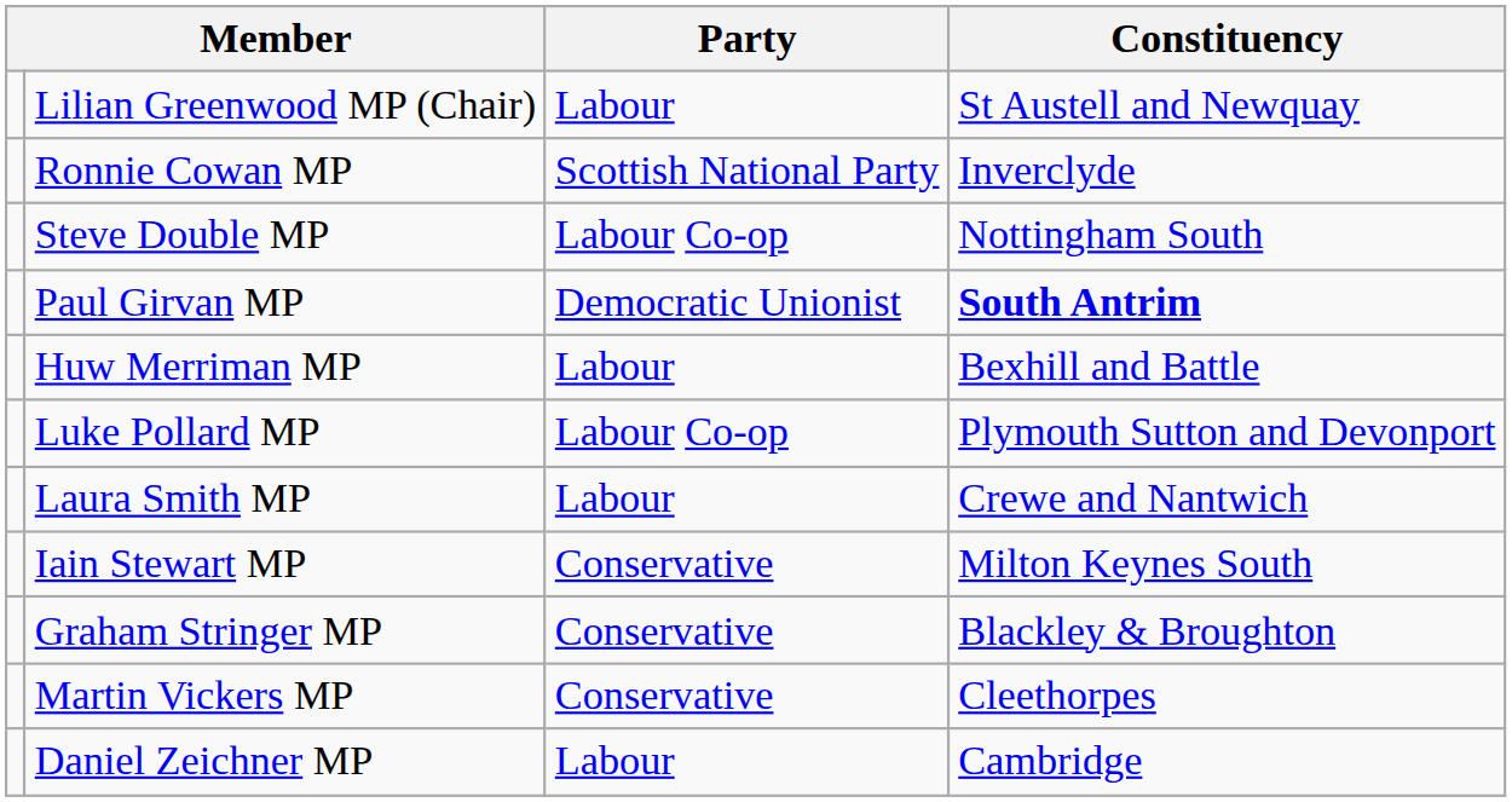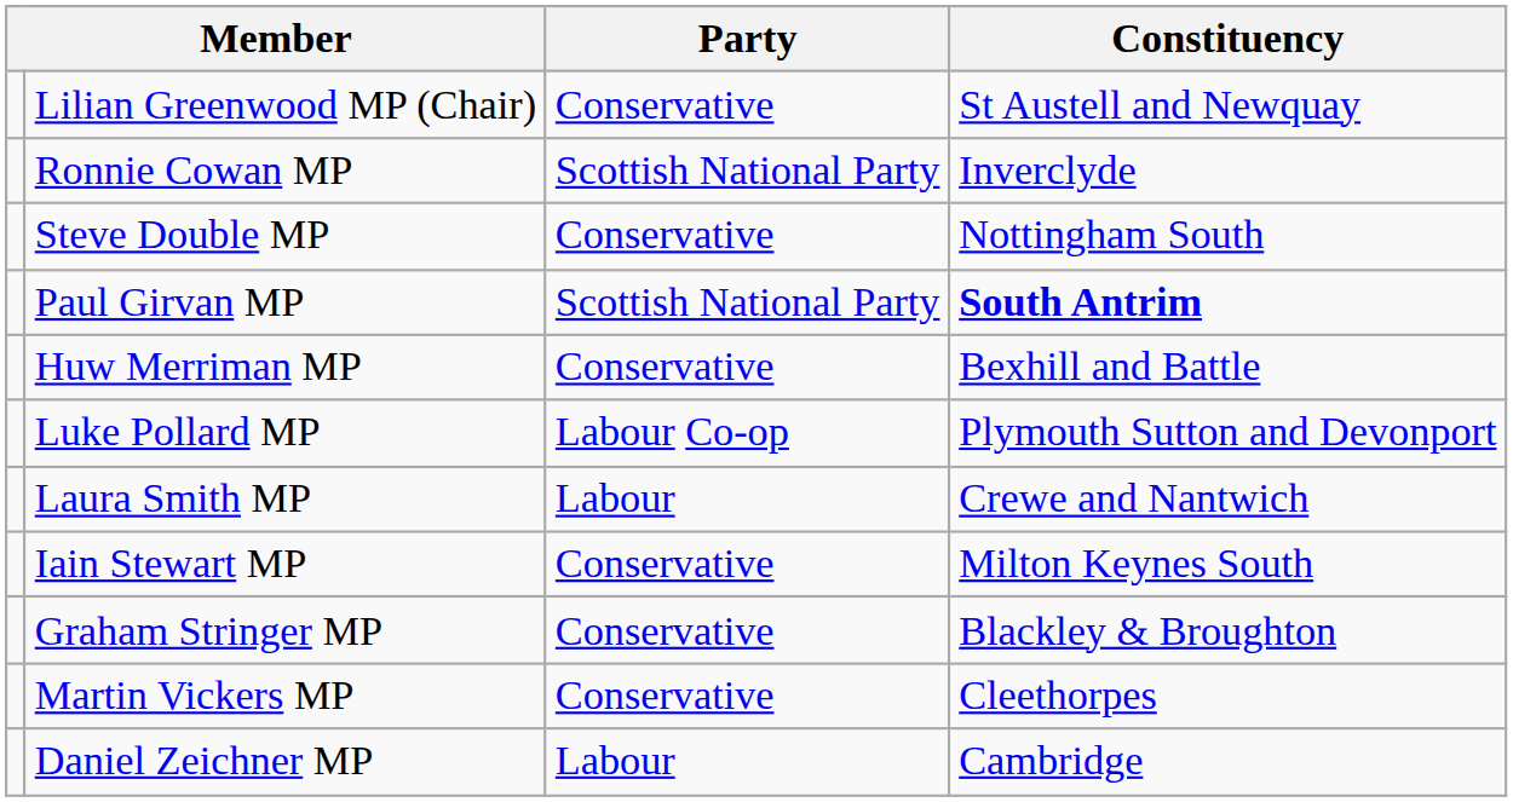 <table class="wikitable">
 <tr>
 <th colspan="2" valign="top">Member</th>
 <th valign="top">Party</th>
 <th colspan="2" valign="top">Constituency</th>
 </tr>
 <tr>
 <td style="color:inherit;background:"></td>
 <td><a href='#'>Lilian Greenwood</a> MP (Chair)</td>
-<td><a href='#'>Labour</a></td>
+<td><a href='#'>Conservative</a></td>
 <td><a href='#'>St Austell and Newquay</a></td>
 </tr>
 <tr>
 <td style="color:inherit;background:"></td>
 <td><a href='#'>Ronnie Cowan</a> MP</td>
 <td><a href='#'>Scottish National Party</a></td>
 <td><a href='#'>Inverclyde</a></td>
 </tr>
 <tr>
 <td style="color:inherit;background:"></td>
 <td><a href='#'>Steve Double</a> MP</td>
-<td><a href='#'>Labour</a> <a href='#'>Co-op</a></td>
+<td><a href='#'>Conservative</a></td>
 <td><a href='#'>Nottingham South</a></td>
 </tr>
 <tr>
 <td style="color:inherit;background:"></td>
 <td><a href='#'>Paul Girvan</a> MP</td>
-<td><a href='#'>Democratic Unionist</a></td>
+<td><a href='#'>Scottish National Party</a></td>
 <td><strong><a href='#'>South Antrim</a></strong></td>
 </tr>
 <tr>
 <td style="color:inherit;background:"></td>
 <td><a href='#'>Huw Merriman</a> MP</td>
-<td><a href='#'>Labour</a></td>
+<td><a href='#'>Conservative</a></td>
 <td><a href='#'>Bexhill and Battle</a></td>
 </tr>
 <tr>
 <td style="color:inherit;background:"></td>
 <td><a href='#'>Luke Pollard</a> MP</td>
 <td><a href='#'>Labour</a> <a href='#'>Co-op</a></td>
 <td><a href='#'>Plymouth Sutton and Devonport</a></td>
 </tr>
 <tr>
 <td style="color:inherit;background:"></td>
 <td><a href='#'>Laura Smith</a> MP</td>
 <td><a href='#'>Labour</a></td>
 <td><a href='#'>Crewe and Nantwich</a></td>
 </tr>
 <tr>
 <td style="color:inherit;background:"></td>
 <td><a href='#'>Iain Stewart</a> MP</td>
 <td><a href='#'>Conservative</a></td>
 <td><a href='#'>Milton Keynes South</a></td>
 </tr>
 <tr>
 <td style="color:inherit;background:"></td>
 <td><a href='#'>Graham Stringer</a> MP</td>
 <td><a href='#'>Conservative</a></td>
 <td><a href='#'>Blackley & Broughton</a></td>
 </tr>
 <tr>
 <td style="color:inherit;background:"></td>
 <td><a href='#'>Martin Vickers</a> MP</td>
 <td><a href='#'>Conservative</a></td>
 <td><a href='#'>Cleethorpes</a></td>
 </tr>
 <tr>
 <td style="color:inherit;background:"></td>
 <td><a href='#'>Daniel Zeichner</a> MP</td>
 <td><a href='#'>Labour</a></td>
 <td><a href='#'>Cambridge</a></td>
 </tr>
 </table>
